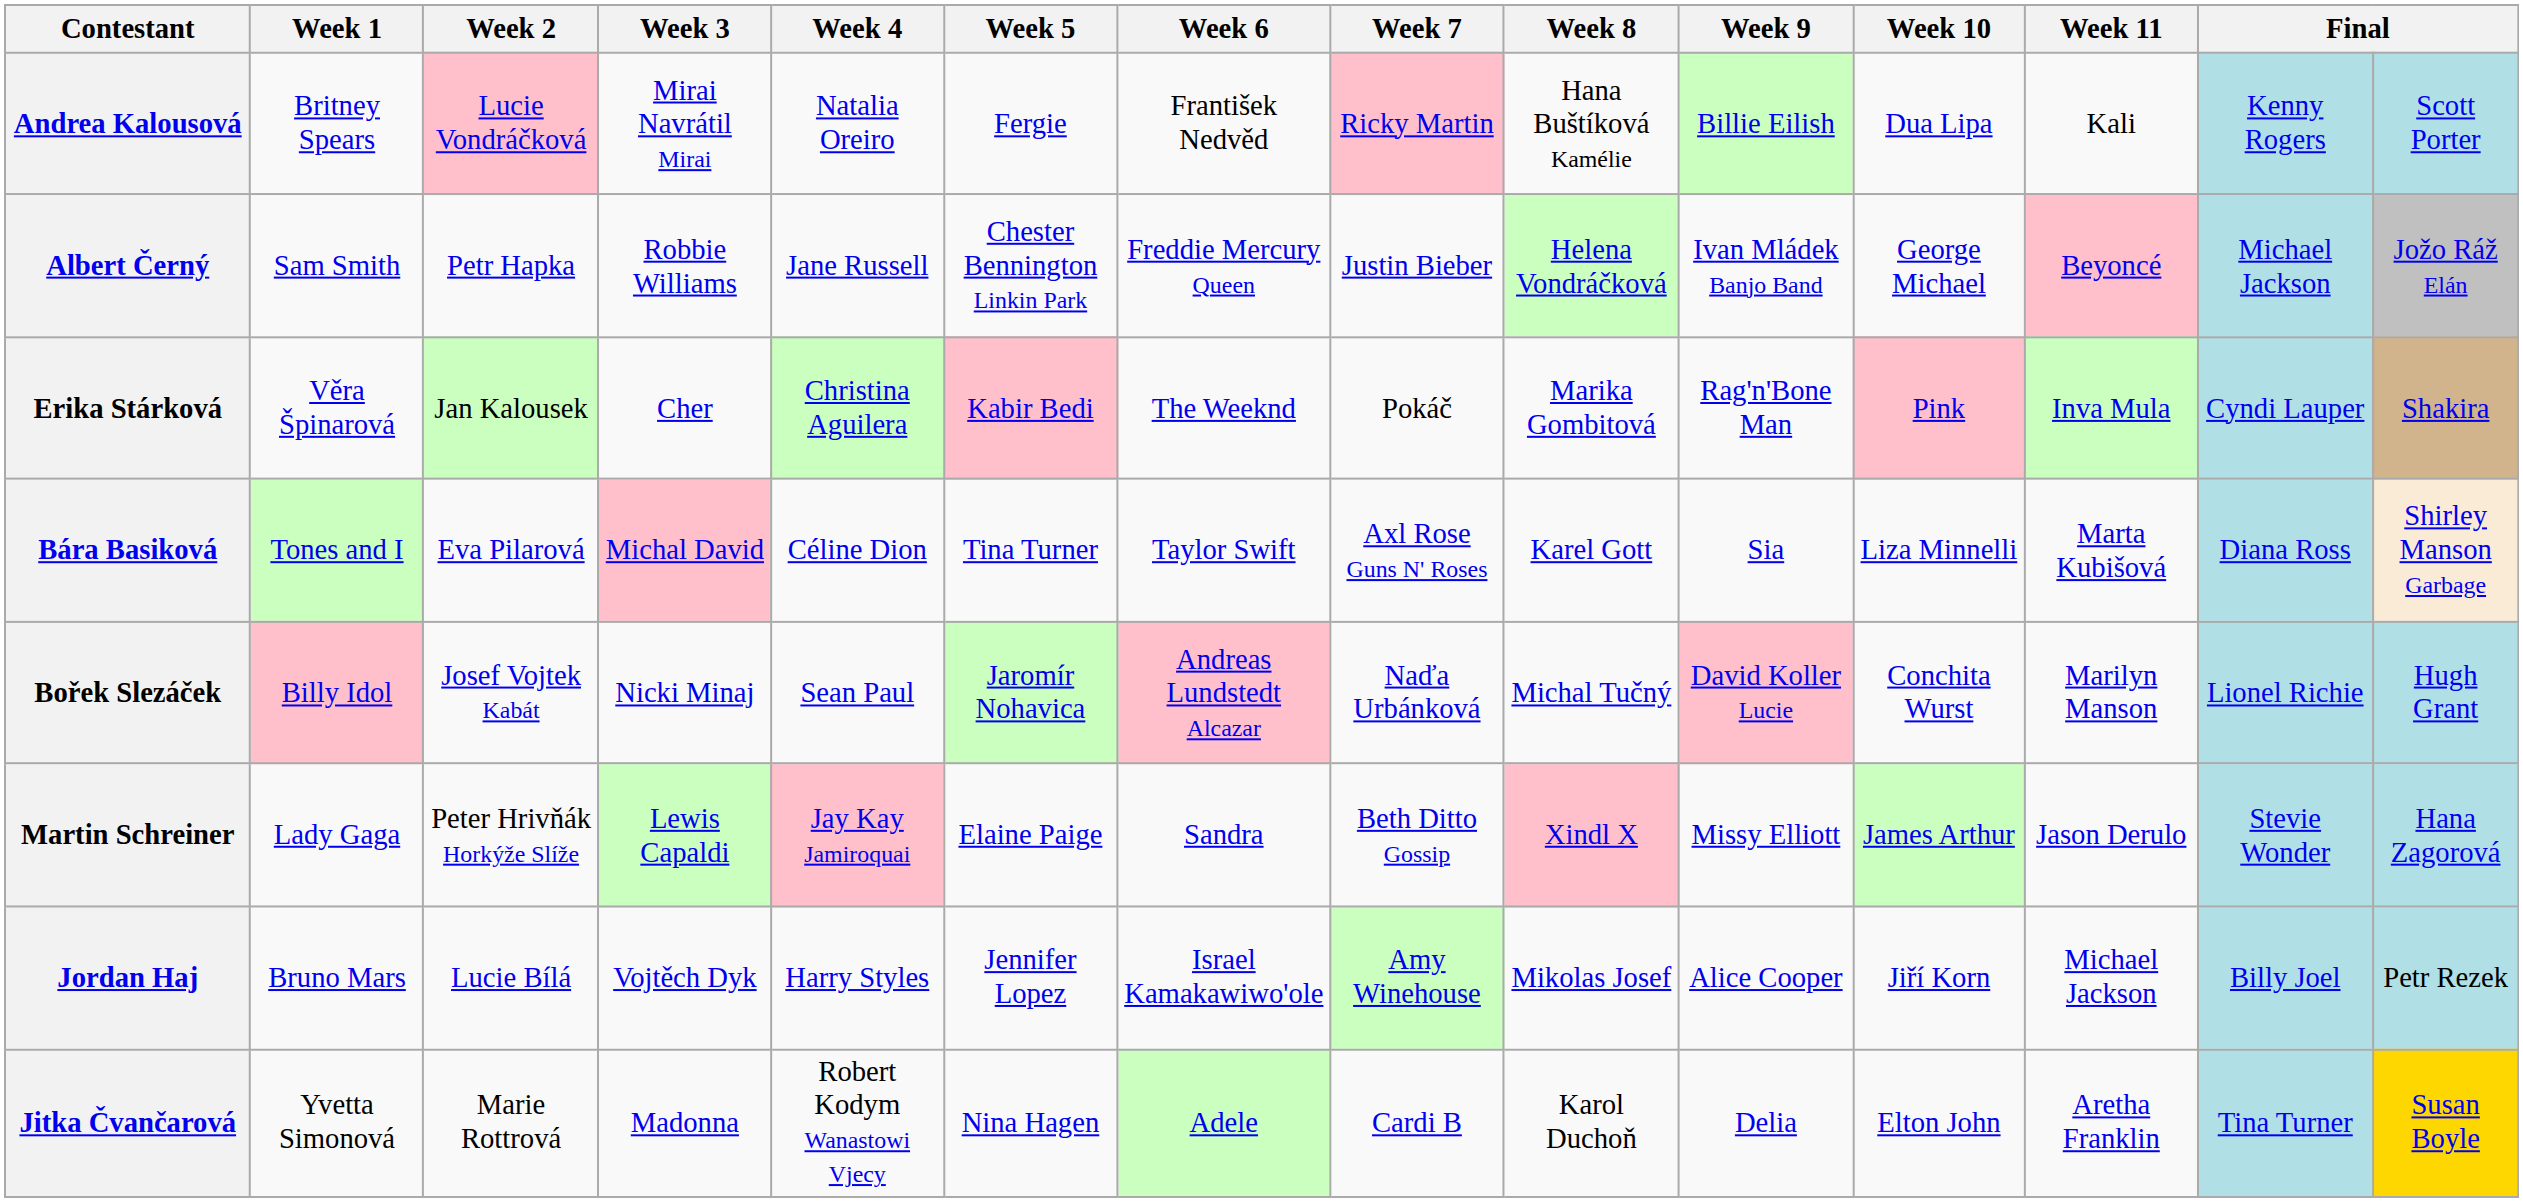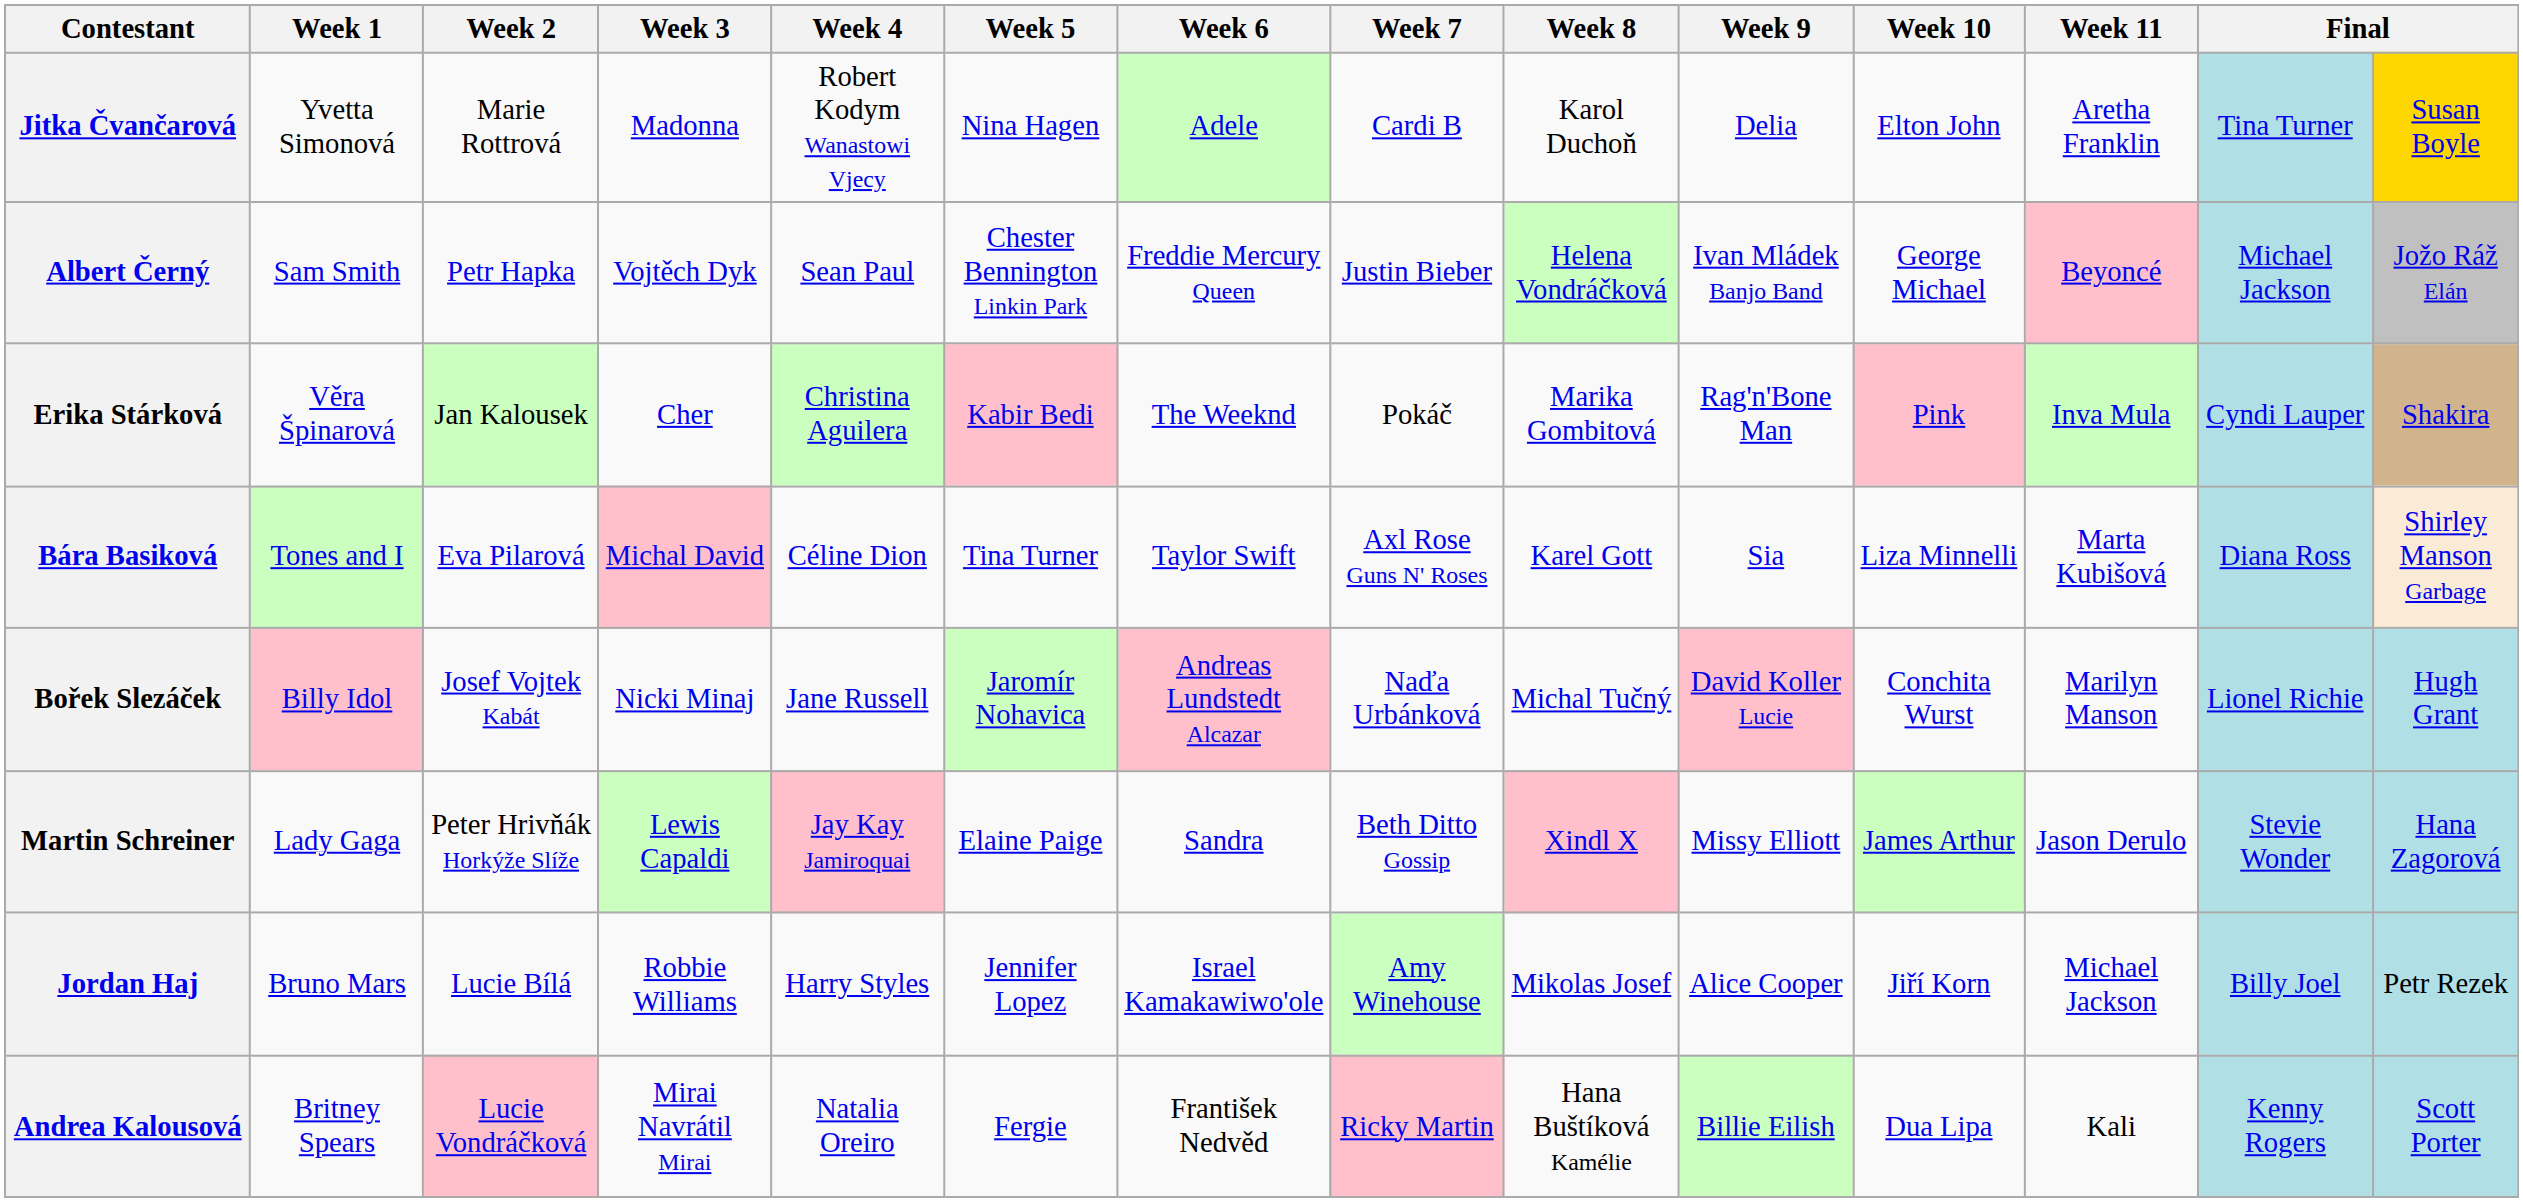 <table class="wikitable" style="font-size:90%; text-align:center; margin-left: auto; margin-right: auto">
 <tr>
 <th style="width: 10%;">Contestant</th>
 <th style="width: 7%;">Week 1</th>
 <th style="width: 7%;">Week 2</th>
 <th style="width: 7%;">Week 3</th>
 <th style="width: 7%;">Week 4</th>
 <th style="width: 7%;">Week 5</th>
 <th style="width: 7%;">Week 6</th>
 <th style="width: 7%;">Week 7</th>
 <th style="width: 7%;">Week 8</th>
 <th style="width: 7%;">Week 9</th>
 <th style="width: 7%;">Week 10</th>
 <th style="width: 7%;">Week 11</th>
 <th colspan="2" style="width: 14%;">Final</th>
 </tr>
 <tr>
-<th style=height:4.5em><a href='#'>Andrea Kalousová</a></th>
-<td><a href='#'>Britney Spears</a></td>
-<td style="background:pink"><a href='#'>Lucie Vondráčková</a></td>
-<td><a href='#'>Mirai Navrátil</a> <br><small><a href='#'>Mirai</a></small></td>
-<td><a href='#'>Natalia Oreiro</a></td>
-<td><a href='#'>Fergie</a></td>
-<td>František Nedvěd</td>
-<td style="background:pink;"><a href='#'>Ricky Martin</a></td>
-<td>Hana Buštíková<br><small>Kamélie</small></td>
-<td style="background:#cbffc0"><a href='#'>Billie Eilish</a></td>
-<td><a href='#'>Dua Lipa</a></td>
-<td>Kali</td>
-<td style="background:#b0e0e6;"><a href='#'>Kenny Rogers</a></td>
-<td style="background:#b0e0e6;"><a href='#'>Scott Porter</a></td>
+<th style=height:4.5em><a href='#'>Jitka Čvančarová</a></th>
+<td>Yvetta Simonová</td>
+<td>Marie Rottrová</td>
+<td><a href='#'>Madonna</a></td>
+<td>Robert Kodym<br><small><a href='#'>Wanastowi Vjecy</a></small></td>
+<td><a href='#'>Nina Hagen</a></td>
+<td style="background:#cbffc0;"><a href='#'>Adele</a></td>
+<td><a href='#'>Cardi B</a></td>
+<td>Karol Duchoň</td>
+<td><a href='#'>Delia</a></td>
+<td><a href='#'>Elton John</a></td>
+<td><a href='#'>Aretha Franklin</a></td>
+<td style="background:#b0e0e6;"><a href='#'>Tina Turner</a></td>
+<td style="background:gold;"><a href='#'>Susan Boyle</a></td>
 </tr>
 <tr>
 <th style=height:4.5em><a href='#'>Albert Černý</a></th>
 <td><a href='#'>Sam Smith</a></td>
 <td><a href='#'>Petr Hapka</a></td>
-<td><a href='#'>Robbie Williams</a></td>
-<td><a href='#'>Jane Russell</a></td>
+<td><a href='#'>Vojtěch Dyk</a></td>
+<td><a href='#'>Sean Paul</a></td>
 <td><a href='#'>Chester Bennington</a><br><small><a href='#'>Linkin Park</a></small></td>
 <td><a href='#'>Freddie Mercury</a><br><small><a href='#'>Queen</a></small></td>
 <td><a href='#'>Justin Bieber</a></td>
 <td style="background:#cbffc0;"><a href='#'>Helena Vondráčková</a></td>
 <td><a href='#'>Ivan Mládek</a><br><small><a href='#'>Banjo Band</a></small></td>
 <td><a href='#'>George Michael</a></td>
 <td style="background:pink;"><a href='#'>Beyoncé</a></td>
 <td style="background:#b0e0e6;"><a href='#'>Michael Jackson</a></td>
 <td style="background:silver;"><a href='#'>Jožo Ráž</a><br><small><a href='#'>Elán</a></small></td>
 </tr>
 <tr>
 <th style=height:4.5em>Erika Stárková</th>
 <td><a href='#'>Věra Špinarová</a></td>
 <td style="background:#cbffc0">Jan Kalousek</td>
 <td><a href='#'>Cher</a></td>
 <td style="background:#cbffc0"><a href='#'>Christina Aguilera</a></td>
 <td style="background:pink"><a href='#'>Kabir Bedi</a></td>
 <td><a href='#'>The Weeknd</a></td>
 <td>Pokáč</td>
 <td><a href='#'>Marika Gombitová</a></td>
 <td><a href='#'>Rag'n'Bone Man</a></td>
 <td style="background:pink;"><a href='#'>Pink</a></td>
 <td style="background:#cbffc0"><a href='#'>Inva Mula</a></td>
 <td style="background:#b0e0e6;"><a href='#'>Cyndi Lauper</a></td>
 <td style="background:tan;"><a href='#'>Shakira</a></td>
 </tr>
 <tr>
 <th style=height:4.5em><a href='#'>Bára Basiková</a></th>
 <td style="background:#cbffc0"><a href='#'>Tones and I</a></td>
 <td><a href='#'>Eva Pilarová</a></td>
 <td style="background:pink"><a href='#'>Michal David</a></td>
 <td><a href='#'>Céline Dion</a></td>
 <td><a href='#'>Tina Turner</a></td>
 <td><a href='#'>Taylor Swift</a></td>
 <td><a href='#'>Axl Rose</a><br><small><a href='#'>Guns N' Roses</a></small></td>
 <td><a href='#'>Karel Gott</a></td>
 <td><a href='#'>Sia</a></td>
 <td><a href='#'>Liza Minnelli</a></td>
 <td><a href='#'>Marta Kubišová</a></td>
 <td style="background:#b0e0e6;"><a href='#'>Diana Ross</a></td>
 <td style="background:antiquewhite;"><a href='#'>Shirley Manson</a><br><small><a href='#'>Garbage</a></small></td>
 </tr>
 <tr>
 <th style=height:4.5em>Bořek Slezáček</th>
 <td style="background:pink"><a href='#'>Billy Idol</a></td>
 <td><a href='#'>Josef Vojtek</a> <br><small><a href='#'>Kabát</a></small></td>
 <td><a href='#'>Nicki Minaj</a></td>
-<td><a href='#'>Sean Paul</a></td>
+<td><a href='#'>Jane Russell</a></td>
 <td style="background:#cbffc0"><a href='#'>Jaromír Nohavica</a></td>
 <td style="background:pink;"><a href='#'>Andreas Lundstedt</a><br><small><a href='#'>Alcazar</a></small></td>
 <td><a href='#'>Naďa Urbánková</a></td>
 <td><a href='#'>Michal Tučný</a></td>
 <td style="background:pink;"><a href='#'>David Koller</a><br><small><a href='#'>Lucie</a></small></td>
 <td><a href='#'>Conchita Wurst</a></td>
 <td><a href='#'>Marilyn Manson</a></td>
 <td style="background:#b0e0e6;"><a href='#'>Lionel Richie</a></td>
 <td style="background:#b0e0e6;"><a href='#'>Hugh Grant</a></td>
 </tr>
 <tr>
 <th style=height:4.5em>Martin Schreiner</th>
 <td><a href='#'>Lady Gaga</a></td>
 <td>Peter Hrivňák <br><small><a href='#'>Horkýže Slíže</a></small></td>
 <td style="background:#cbffc0"><a href='#'>Lewis Capaldi</a></td>
 <td style="background:pink;"><a href='#'>Jay Kay</a><br><small><a href='#'>Jamiroquai</a></small></td>
 <td><a href='#'>Elaine Paige</a></td>
 <td><a href='#'>Sandra</a></td>
 <td><a href='#'>Beth Ditto</a><br><small><a href='#'>Gossip</a></small></td>
 <td style="background:pink;"><a href='#'>Xindl X</a></td>
 <td><a href='#'>Missy Elliott</a></td>
 <td style="background:#cbffc0"><a href='#'>James Arthur</a></td>
 <td><a href='#'>Jason Derulo</a></td>
 <td style="background:#b0e0e6;"><a href='#'>Stevie Wonder</a></td>
 <td style="background:#b0e0e6;"><a href='#'>Hana Zagorová</a></td>
 </tr>
 <tr>
 <th style=height:4.5em><a href='#'>Jordan Haj</a></th>
 <td><a href='#'>Bruno Mars</a></td>
 <td><a href='#'>Lucie Bílá</a></td>
-<td><a href='#'>Vojtěch Dyk</a></td>
+<td><a href='#'>Robbie Williams</a></td>
 <td><a href='#'>Harry Styles</a></td>
 <td><a href='#'>Jennifer Lopez</a></td>
 <td><a href='#'>Israel Kamakawiwo'ole</a></td>
 <td style="background:#cbffc0"><a href='#'>Amy Winehouse</a></td>
 <td><a href='#'>Mikolas Josef</a></td>
 <td><a href='#'>Alice Cooper</a></td>
 <td><a href='#'>Jiří Korn</a></td>
 <td><a href='#'>Michael Jackson</a></td>
 <td style="background:#b0e0e6;"><a href='#'>Billy Joel</a></td>
 <td style="background:#b0e0e6;">Petr Rezek</td>
 </tr>
 <tr>
-<th style=height:4.5em><a href='#'>Jitka Čvančarová</a></th>
-<td>Yvetta Simonová</td>
-<td>Marie Rottrová</td>
-<td><a href='#'>Madonna</a></td>
-<td>Robert Kodym<br><small><a href='#'>Wanastowi Vjecy</a></small></td>
-<td><a href='#'>Nina Hagen</a></td>
-<td style="background:#cbffc0;"><a href='#'>Adele</a></td>
-<td><a href='#'>Cardi B</a></td>
-<td>Karol Duchoň</td>
-<td><a href='#'>Delia</a></td>
-<td><a href='#'>Elton John</a></td>
-<td><a href='#'>Aretha Franklin</a></td>
-<td style="background:#b0e0e6;"><a href='#'>Tina Turner</a></td>
-<td style="background:gold;"><a href='#'>Susan Boyle</a></td>
+<th style=height:4.5em><a href='#'>Andrea Kalousová</a></th>
+<td><a href='#'>Britney Spears</a></td>
+<td style="background:pink"><a href='#'>Lucie Vondráčková</a></td>
+<td><a href='#'>Mirai Navrátil</a> <br><small><a href='#'>Mirai</a></small></td>
+<td><a href='#'>Natalia Oreiro</a></td>
+<td><a href='#'>Fergie</a></td>
+<td>František Nedvěd</td>
+<td style="background:pink;"><a href='#'>Ricky Martin</a></td>
+<td>Hana Buštíková<br><small>Kamélie</small></td>
+<td style="background:#cbffc0"><a href='#'>Billie Eilish</a></td>
+<td><a href='#'>Dua Lipa</a></td>
+<td>Kali</td>
+<td style="background:#b0e0e6;"><a href='#'>Kenny Rogers</a></td>
+<td style="background:#b0e0e6;"><a href='#'>Scott Porter</a></td>
 </tr>
 </table>
